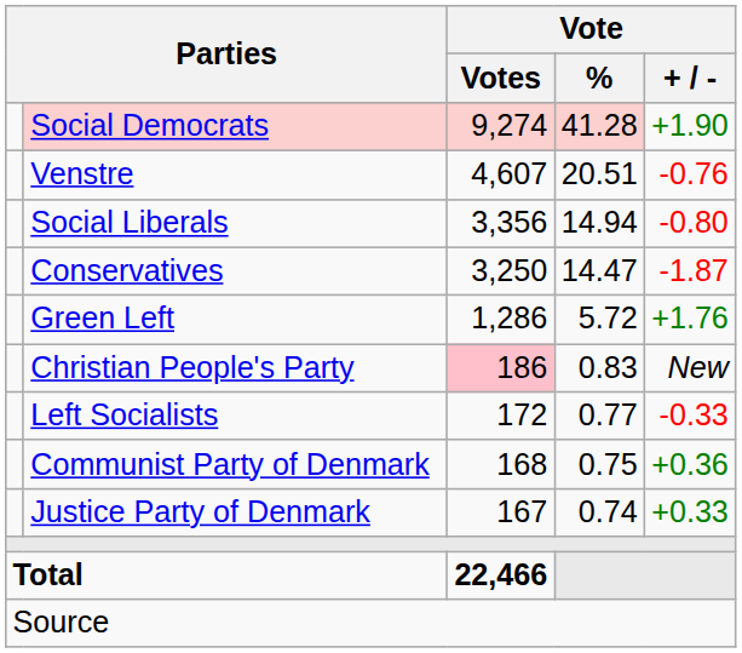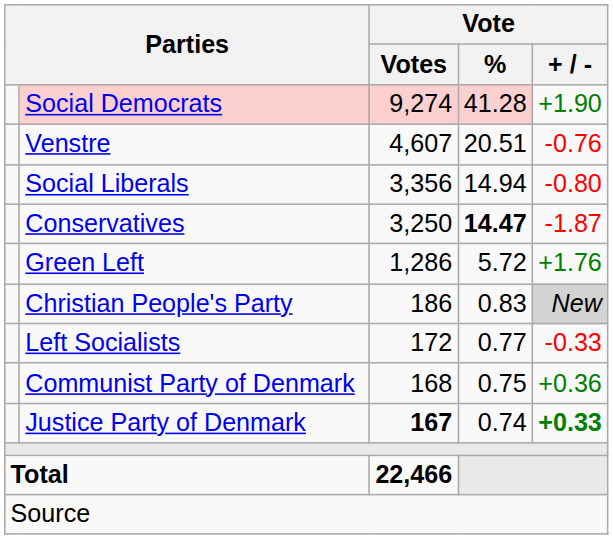 <table class="wikitable" style="text-align:right;">
 <tr>
 <th style="text-align:centre;" rowspan="2" colspan="2" width="225">Parties</th>
 <th colspan="3">Vote</th>
 </tr>
 <tr>
 <th width="15">Votes</th>
 <th width="15">%</th>
 <th width="15">+ / -</th>
 </tr>
 <tr>
 <td width="2" style="color:inherit;background:"></td>
 <td bgcolor=#fbd0ce  align="left"><a href='#'>Social Democrats</a></td>
 <td bgcolor=#fbd0ce>9,274</td>
 <td bgcolor=#fbd0ce>41.28</td>
 <td style=color:green;>+1.90</td>
 </tr>
 <tr>
 <td width="2" style="color:inherit;background:"></td>
 <td align="left"><a href='#'>Venstre</a></td>
 <td>4,607</td>
 <td>20.51</td>
 <td style=color:red;>-0.76</td>
 </tr>
 <tr>
 <td width="2" style="color:inherit;background:"></td>
 <td align="left"><a href='#'>Social Liberals</a></td>
 <td>3,356</td>
 <td>14.94</td>
 <td style=color:red;>-0.80</td>
 </tr>
 <tr>
 <td width="2" style="color:inherit;background:"></td>
 <td align="left"><a href='#'>Conservatives</a></td>
 <td>3,250</td>
-<td>14.47</td>
+<td><strong>14.47</strong></td>
 <td style=color:red;>-1.87</td>
 </tr>
 <tr>
 <td width="2" style="color:inherit;background:"></td>
 <td align="left"><a href='#'>Green Left</a></td>
 <td>1,286</td>
 <td>5.72</td>
 <td style=color:green;>+1.76</td>
 </tr>
 <tr>
 <td width="2" style="color:inherit;background:"></td>
 <td align="left"><a href='#'>Christian People's Party</a></td>
-<td style="background: pink;">186</td>
+<td>186</td>
 <td>0.83</td>
-<td><em>New</em></td>
+<td style="background: lightgrey;"><em>New</em></td>
 </tr>
 <tr>
 <td width="2" style="color:inherit;background:"></td>
 <td align="left"><a href='#'>Left Socialists</a></td>
 <td>172</td>
 <td>0.77</td>
 <td style=color:red;>-0.33</td>
 </tr>
 <tr>
 <td width="2" style="color:inherit;background:"></td>
 <td align="left"><a href='#'>Communist Party of Denmark</a></td>
 <td>168</td>
 <td>0.75</td>
 <td style=color:green;>+0.36</td>
 </tr>
 <tr>
 <td width="2" style="color:inherit;background:"></td>
 <td align="left"><a href='#'>Justice Party of Denmark</a></td>
-<td>167</td>
+<td><strong>167</strong></td>
 <td>0.74</td>
-<td style=color:green;>+0.33</td>
+<td style=color:green;><strong>+0.33</strong></td>
 </tr>
 <tr>
 <td colspan="7" bgcolor="#E9E9E9"></td>
 </tr>
 <tr>
 <td align="left" colspan="2"><strong>Total</strong></td>
 <td><strong>22,466</strong></td>
 <td bgcolor="#E9E9E9" colspan="2"></td>
 </tr>
 <tr>
 <td align="left" colspan="6">Source</td>
 </tr>
 </table>
